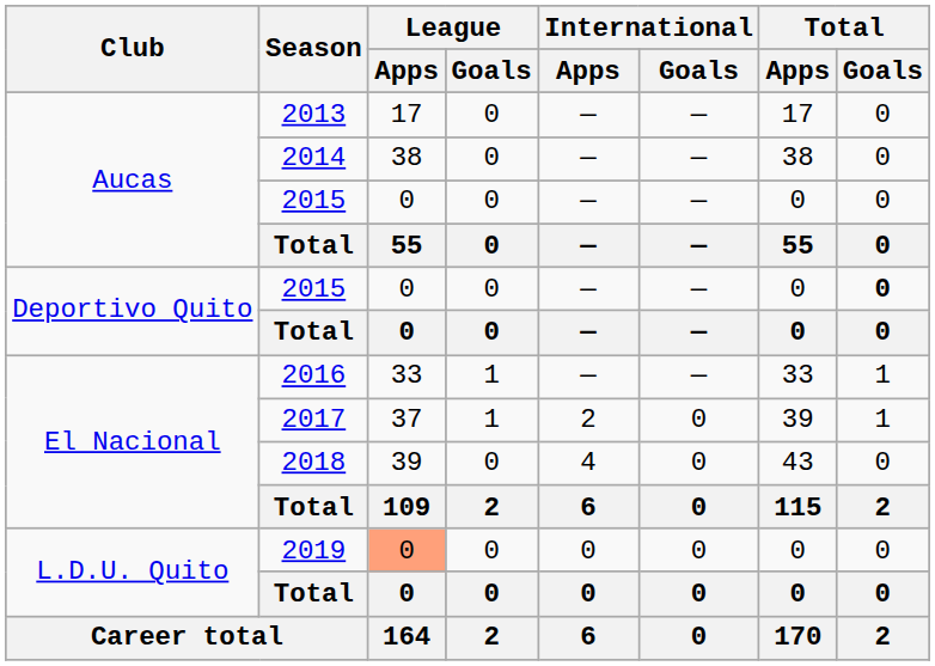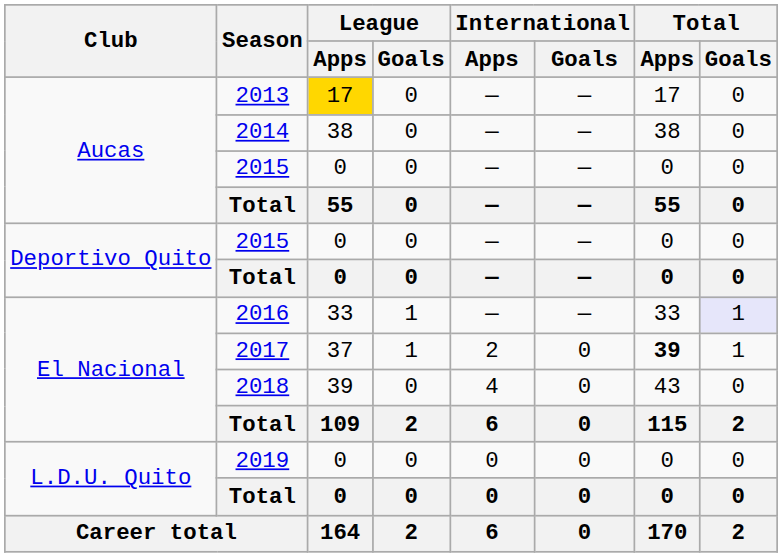 <table class="wikitable" style="text-align: center;">
 <tr>
 <th rowspan="2">Club</th>
 <th rowspan="2">Season</th>
 <th colspan="2">League</th>
 <th colspan="2">International</th>
 <th colspan="2">Total</th>
 </tr>
 <tr>
 <th>Apps</th>
 <th>Goals</th>
 <th>Apps</th>
 <th>Goals</th>
 <th>Apps</th>
 <th>Goals</th>
 </tr>
 <tr>
 <td rowspan="4"><a href='#'>Aucas</a></td>
 <td><a href='#'>2013</a></td>
-<td>17</td>
+<td style="background: gold;">17</td>
 <td>0</td>
 <td>—</td>
 <td>—</td>
 <td>17</td>
 <td>0</td>
 </tr>
 <tr>
 <td><a href='#'>2014</a></td>
 <td>38</td>
 <td>0</td>
 <td>—</td>
 <td>—</td>
 <td>38</td>
 <td>0</td>
 </tr>
 <tr>
 <td><a href='#'>2015</a></td>
 <td>0</td>
 <td>0</td>
 <td>—</td>
 <td>—</td>
 <td>0</td>
 <td>0</td>
 </tr>
 <tr>
 <th>Total</th>
 <th>55</th>
 <th>0</th>
 <th>—</th>
 <th>—</th>
 <th>55</th>
 <th>0</th>
 </tr>
 <tr>
 <td rowspan="2"><a href='#'>Deportivo Quito</a></td>
 <td><a href='#'>2015</a></td>
 <td>0</td>
 <td>0</td>
 <td>—</td>
 <td>—</td>
 <td>0</td>
-<td><strong>0</strong></td>
+<td>0</td>
 </tr>
 <tr>
 <th>Total</th>
 <th>0</th>
 <th>0</th>
 <th>—</th>
 <th>—</th>
 <th>0</th>
 <th>0</th>
 </tr>
 <tr>
 <td rowspan="4"><a href='#'>El Nacional</a></td>
 <td><a href='#'>2016</a></td>
 <td>33</td>
 <td>1</td>
 <td>—</td>
 <td>—</td>
 <td>33</td>
-<td>1</td>
+<td style="background: lavender;">1</td>
 </tr>
 <tr>
 <td><a href='#'>2017</a></td>
 <td>37</td>
 <td>1</td>
 <td>2</td>
 <td>0</td>
-<td>39</td>
+<td><strong>39</strong></td>
 <td>1</td>
 </tr>
 <tr>
 <td><a href='#'>2018</a></td>
 <td>39</td>
 <td>0</td>
 <td>4</td>
 <td>0</td>
 <td>43</td>
 <td>0</td>
 </tr>
 <tr>
 <th>Total</th>
 <th>109</th>
 <th>2</th>
 <th>6</th>
 <th>0</th>
 <th>115</th>
 <th>2</th>
 </tr>
 <tr>
 <td rowspan="2"><a href='#'>L.D.U. Quito</a></td>
 <td><a href='#'>2019</a></td>
-<td style="background: lightsalmon;">0</td>
+<td>0</td>
 <td>0</td>
 <td>0</td>
 <td>0</td>
 <td>0</td>
 <td>0</td>
 </tr>
 <tr>
 <th>Total</th>
 <th>0</th>
 <th>0</th>
 <th>0</th>
 <th>0</th>
 <th>0</th>
 <th>0</th>
 </tr>
 <tr>
 <th colspan="2">Career total</th>
 <th>164</th>
 <th>2</th>
 <th>6</th>
 <th>0</th>
 <th>170</th>
 <th>2</th>
 </tr>
 </table>
